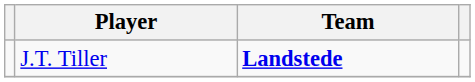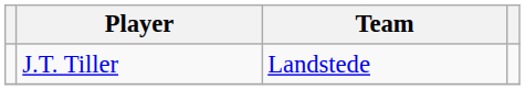 <table class="wikitable">
 <tr>
 <th></th>
 <th width=150>Player</th>
 <th width=150>Team</th>
 <th></th>
 </tr>
 <tr>
 <td></td>
 <td> <a href='#'>J.T. Tiller</a></td>
-<td><strong><a href='#'> Landstede</a></strong></td>
+<td><a href='#'> Landstede</a></td>
 <td></td>
 </tr>
 <tr>
 </tr>
 </table>
